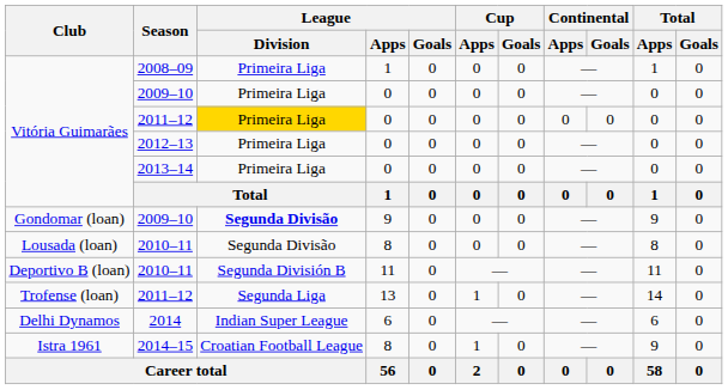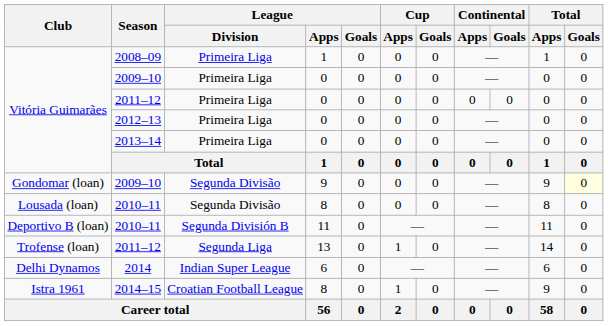 <table class="wikitable" style="text-align:center">
 <tr>
 <th rowspan="2">Club</th>
 <th rowspan="2">Season</th>
 <th colspan="3">League</th>
 <th colspan="2">Cup</th>
 <th colspan="2">Continental</th>
 <th colspan="2">Total</th>
 </tr>
 <tr>
 <th>Division</th>
 <th>Apps</th>
 <th>Goals</th>
 <th>Apps</th>
 <th>Goals</th>
 <th>Apps</th>
 <th>Goals</th>
 <th>Apps</th>
 <th>Goals</th>
 </tr>
 <tr>
 <td rowspan="6"><a href='#'>Vitória Guimarães</a></td>
 <td><a href='#'>2008–09</a></td>
 <td><a href='#'>Primeira Liga</a></td>
 <td>1</td>
 <td>0</td>
 <td>0</td>
 <td>0</td>
 <td colspan="2">—</td>
 <td>1</td>
 <td>0</td>
 </tr>
 <tr>
 <td><a href='#'>2009–10</a></td>
 <td>Primeira Liga</td>
 <td>0</td>
 <td>0</td>
 <td>0</td>
 <td>0</td>
 <td colspan="2">—</td>
 <td>0</td>
 <td>0</td>
 </tr>
 <tr>
 <td><a href='#'>2011–12</a></td>
-<td style="background: gold;">Primeira Liga</td>
+<td>Primeira Liga</td>
 <td>0</td>
 <td>0</td>
 <td>0</td>
 <td>0</td>
 <td>0</td>
 <td>0</td>
 <td>0</td>
 <td>0</td>
 </tr>
 <tr>
 <td><a href='#'>2012–13</a></td>
 <td>Primeira Liga</td>
 <td>0</td>
 <td>0</td>
 <td>0</td>
 <td>0</td>
 <td colspan="2">—</td>
 <td>0</td>
 <td>0</td>
 </tr>
 <tr>
 <td><a href='#'>2013–14</a></td>
 <td>Primeira Liga</td>
 <td>0</td>
 <td>0</td>
 <td>0</td>
 <td>0</td>
 <td colspan="2">—</td>
 <td>0</td>
 <td>0</td>
 </tr>
 <tr>
 <th colspan="2">Total</th>
 <th>1</th>
 <th>0</th>
 <th>0</th>
 <th>0</th>
 <th>0</th>
 <th>0</th>
 <th>1</th>
 <th>0</th>
 </tr>
 <tr>
 <td><a href='#'>Gondomar</a> (loan)</td>
 <td><a href='#'>2009–10</a></td>
-<td><strong><a href='#'>Segunda Divisão</a></strong></td>
+<td><a href='#'>Segunda Divisão</a></td>
 <td>9</td>
 <td>0</td>
 <td>0</td>
 <td>0</td>
 <td colspan="2">—</td>
 <td>9</td>
-<td>0</td>
+<td style="background: lightyellow;">0</td>
 </tr>
 <tr>
 <td><a href='#'>Lousada</a> (loan)</td>
 <td><a href='#'>2010–11</a></td>
 <td>Segunda Divisão</td>
 <td>8</td>
 <td>0</td>
 <td>0</td>
 <td>0</td>
 <td colspan="2">—</td>
 <td>8</td>
 <td>0</td>
 </tr>
 <tr>
 <td><a href='#'>Deportivo B</a> (loan)</td>
 <td><a href='#'>2010–11</a></td>
 <td><a href='#'>Segunda División B</a></td>
 <td>11</td>
 <td>0</td>
 <td colspan="2">—</td>
 <td colspan="2">—</td>
 <td>11</td>
 <td>0</td>
 </tr>
 <tr>
 <td><a href='#'>Trofense</a> (loan)</td>
 <td><a href='#'>2011–12</a></td>
 <td><a href='#'>Segunda Liga</a></td>
 <td>13</td>
 <td>0</td>
 <td>1</td>
 <td>0</td>
 <td colspan="2">—</td>
 <td>14</td>
 <td>0</td>
 </tr>
 <tr>
 <td><a href='#'>Delhi Dynamos</a></td>
 <td><a href='#'>2014</a></td>
 <td><a href='#'>Indian Super League</a></td>
 <td>6</td>
 <td>0</td>
 <td colspan="2">—</td>
 <td colspan="2">—</td>
 <td>6</td>
 <td>0</td>
 </tr>
 <tr>
 <td><a href='#'>Istra 1961</a></td>
 <td><a href='#'>2014–15</a></td>
 <td><a href='#'>Croatian Football League</a></td>
 <td>8</td>
 <td>0</td>
 <td>1</td>
 <td>0</td>
 <td colspan="2">—</td>
 <td>9</td>
 <td>0</td>
 </tr>
 <tr>
 <th colspan="3">Career total</th>
 <th>56</th>
 <th>0</th>
 <th>2</th>
 <th>0</th>
 <th>0</th>
 <th>0</th>
 <th>58</th>
 <th>0</th>
 </tr>
 </table>
